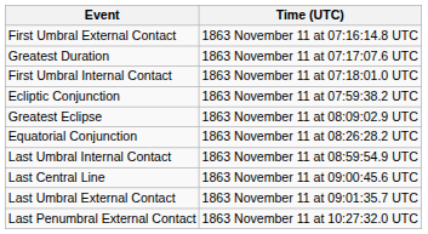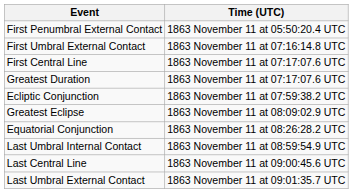 <table class="wikitable">
 <tr>
 <th>Event</th>
 <th>Time (UTC)</th>
 </tr>
 <tr>
+<td>First Penumbral External Contact</td>
+<td>1863 November 11 at 05:50:20.4 UTC</td>
+</tr>
+<tr>
 <td>First Umbral External Contact</td>
 <td>1863 November 11 at 07:16:14.8 UTC</td>
 </tr>
 <tr>
-<td>Greatest Duration</td>
+<td>First Central Line</td>
 <td>1863 November 11 at 07:17:07.6 UTC</td>
 </tr>
 <tr>
-<td>First Umbral Internal Contact</td>
-<td>1863 November 11 at 07:18:01.0 UTC</td>
+<td>Greatest Duration</td>
+<td>1863 November 11 at 07:17:07.6 UTC</td>
 </tr>
 <tr>
 <td>Ecliptic Conjunction</td>
 <td>1863 November 11 at 07:59:38.2 UTC</td>
 </tr>
 <tr>
 <td>Greatest Eclipse</td>
 <td>1863 November 11 at 08:09:02.9 UTC</td>
 </tr>
 <tr>
 <td>Equatorial Conjunction</td>
 <td>1863 November 11 at 08:26:28.2 UTC</td>
 </tr>
 <tr>
 <td>Last Umbral Internal Contact</td>
 <td>1863 November 11 at 08:59:54.9 UTC</td>
 </tr>
 <tr>
 <td>Last Central Line</td>
 <td>1863 November 11 at 09:00:45.6 UTC</td>
 </tr>
 <tr>
 <td>Last Umbral External Contact</td>
 <td>1863 November 11 at 09:01:35.7 UTC</td>
 </tr>
-<tr>
-<td>Last Penumbral External Contact</td>
-<td>1863 November 11 at 10:27:32.0 UTC</td>
-</tr>
 </table>
